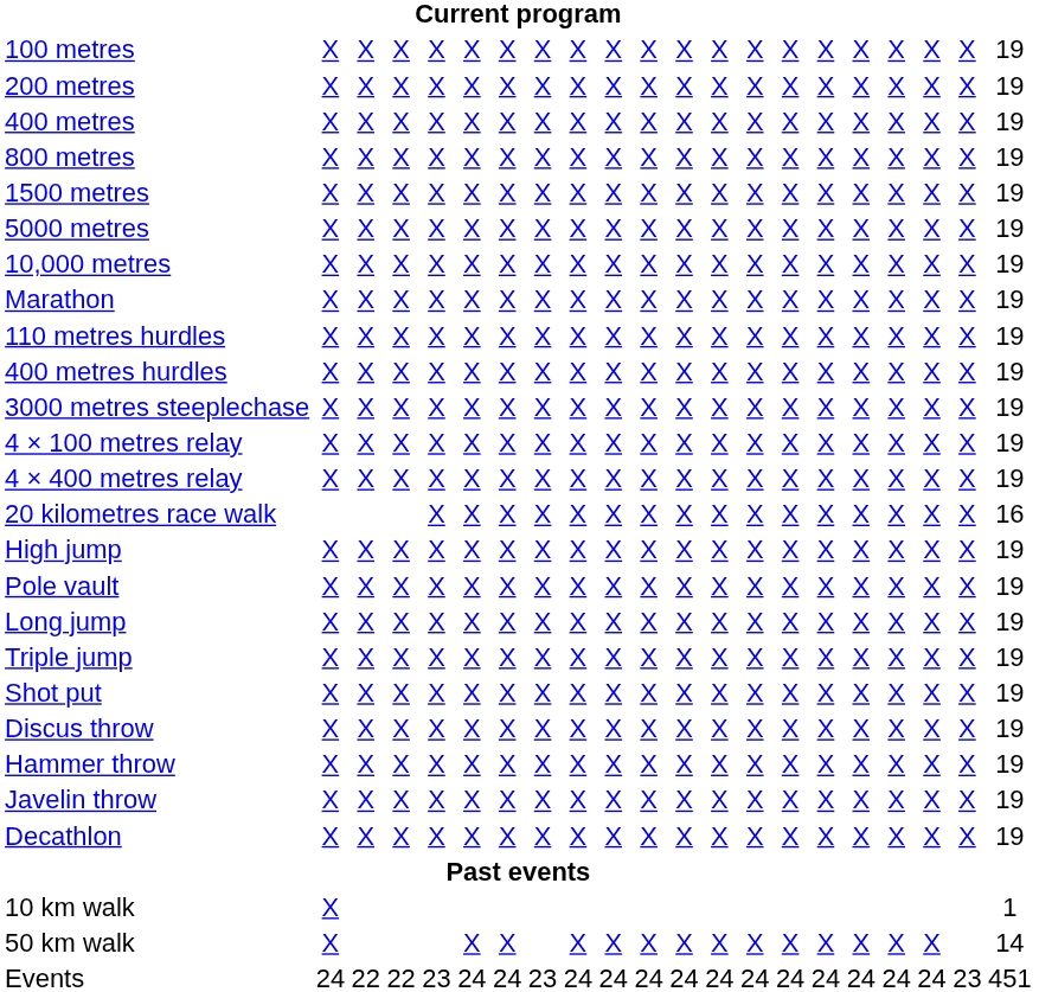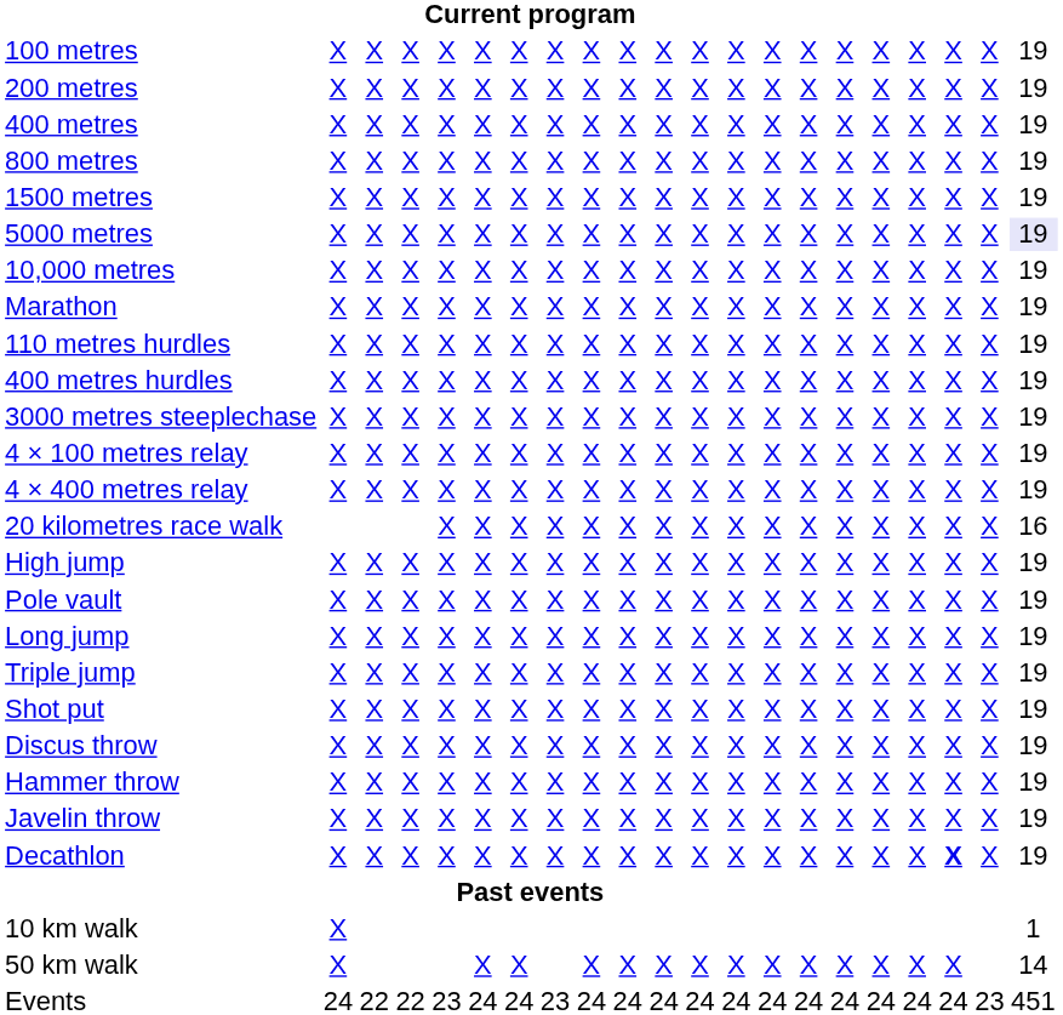 <table>
 <tr>
 <td align=center colspan=21><strong>Current program</strong></td>
 </tr>
 <tr align=center>
 <td align=left><a href='#'>100 metres</a></td>
 <td><a href='#'>X</a></td>
 <td><a href='#'>X</a></td>
 <td><a href='#'>X</a></td>
 <td><a href='#'>X</a></td>
 <td><a href='#'>X</a></td>
 <td><a href='#'>X</a></td>
 <td><a href='#'>X</a></td>
 <td><a href='#'>X</a></td>
 <td><a href='#'>X</a></td>
 <td><a href='#'>X</a></td>
 <td><a href='#'>X</a></td>
 <td><a href='#'>X</a></td>
 <td><a href='#'>X</a></td>
 <td><a href='#'>X</a></td>
 <td><a href='#'>X</a></td>
 <td><a href='#'>X</a></td>
 <td><a href='#'>X</a></td>
 <td><a href='#'>X</a></td>
 <td><a href='#'>X</a></td>
 <td>19</td>
 </tr>
 <tr align=center>
 <td align=left><a href='#'>200 metres</a></td>
 <td><a href='#'>X</a></td>
 <td><a href='#'>X</a></td>
 <td><a href='#'>X</a></td>
 <td><a href='#'>X</a></td>
 <td><a href='#'>X</a></td>
 <td><a href='#'>X</a></td>
 <td><a href='#'>X</a></td>
 <td><a href='#'>X</a></td>
 <td><a href='#'>X</a></td>
 <td><a href='#'>X</a></td>
 <td><a href='#'>X</a></td>
 <td><a href='#'>X</a></td>
 <td><a href='#'>X</a></td>
 <td><a href='#'>X</a></td>
 <td><a href='#'>X</a></td>
 <td><a href='#'>X</a></td>
 <td><a href='#'>X</a></td>
 <td><a href='#'>X</a></td>
 <td><a href='#'>X</a></td>
 <td>19</td>
 </tr>
 <tr align=center>
 <td align=left><a href='#'>400 metres</a></td>
 <td><a href='#'>X</a></td>
 <td><a href='#'>X</a></td>
 <td><a href='#'>X</a></td>
 <td><a href='#'>X</a></td>
 <td><a href='#'>X</a></td>
 <td><a href='#'>X</a></td>
 <td><a href='#'>X</a></td>
 <td><a href='#'>X</a></td>
 <td><a href='#'>X</a></td>
 <td><a href='#'>X</a></td>
 <td><a href='#'>X</a></td>
 <td><a href='#'>X</a></td>
 <td><a href='#'>X</a></td>
 <td><a href='#'>X</a></td>
 <td><a href='#'>X</a></td>
 <td><a href='#'>X</a></td>
 <td><a href='#'>X</a></td>
 <td><a href='#'>X</a></td>
 <td><a href='#'>X</a></td>
 <td>19</td>
 </tr>
 <tr align=center>
 <td align=left><a href='#'>800 metres</a></td>
 <td><a href='#'>X</a></td>
 <td><a href='#'>X</a></td>
 <td><a href='#'>X</a></td>
 <td><a href='#'>X</a></td>
 <td><a href='#'>X</a></td>
 <td><a href='#'>X</a></td>
 <td><a href='#'>X</a></td>
 <td><a href='#'>X</a></td>
 <td><a href='#'>X</a></td>
 <td><a href='#'>X</a></td>
 <td><a href='#'>X</a></td>
 <td><a href='#'>X</a></td>
 <td><a href='#'>X</a></td>
 <td><a href='#'>X</a></td>
 <td><a href='#'>X</a></td>
 <td><a href='#'>X</a></td>
 <td><a href='#'>X</a></td>
 <td><a href='#'>X</a></td>
 <td><a href='#'>X</a></td>
 <td>19</td>
 </tr>
 <tr align=center>
 <td align=left><a href='#'>1500 metres</a></td>
 <td><a href='#'>X</a></td>
 <td><a href='#'>X</a></td>
 <td><a href='#'>X</a></td>
 <td><a href='#'>X</a></td>
 <td><a href='#'>X</a></td>
 <td><a href='#'>X</a></td>
 <td><a href='#'>X</a></td>
 <td><a href='#'>X</a></td>
 <td><a href='#'>X</a></td>
 <td><a href='#'>X</a></td>
 <td><a href='#'>X</a></td>
 <td><a href='#'>X</a></td>
 <td><a href='#'>X</a></td>
 <td><a href='#'>X</a></td>
 <td><a href='#'>X</a></td>
 <td><a href='#'>X</a></td>
 <td><a href='#'>X</a></td>
 <td><a href='#'>X</a></td>
 <td><a href='#'>X</a></td>
 <td>19</td>
 </tr>
 <tr align=center>
 <td align=left><a href='#'>5000 metres</a></td>
 <td><a href='#'>X</a></td>
 <td><a href='#'>X</a></td>
 <td><a href='#'>X</a></td>
 <td><a href='#'>X</a></td>
 <td><a href='#'>X</a></td>
 <td><a href='#'>X</a></td>
 <td><a href='#'>X</a></td>
 <td><a href='#'>X</a></td>
 <td><a href='#'>X</a></td>
 <td><a href='#'>X</a></td>
 <td><a href='#'>X</a></td>
 <td><a href='#'>X</a></td>
 <td><a href='#'>X</a></td>
 <td><a href='#'>X</a></td>
 <td><a href='#'>X</a></td>
 <td><a href='#'>X</a></td>
 <td><a href='#'>X</a></td>
 <td><a href='#'>X</a></td>
 <td><a href='#'>X</a></td>
-<td>19</td>
+<td style="background: lavender;">19</td>
 </tr>
 <tr align=center>
 <td align=left><a href='#'>10,000 metres</a></td>
 <td><a href='#'>X</a></td>
 <td><a href='#'>X</a></td>
 <td><a href='#'>X</a></td>
 <td><a href='#'>X</a></td>
 <td><a href='#'>X</a></td>
 <td><a href='#'>X</a></td>
 <td><a href='#'>X</a></td>
 <td><a href='#'>X</a></td>
 <td><a href='#'>X</a></td>
 <td><a href='#'>X</a></td>
 <td><a href='#'>X</a></td>
 <td><a href='#'>X</a></td>
 <td><a href='#'>X</a></td>
 <td><a href='#'>X</a></td>
 <td><a href='#'>X</a></td>
 <td><a href='#'>X</a></td>
 <td><a href='#'>X</a></td>
 <td><a href='#'>X</a></td>
 <td><a href='#'>X</a></td>
 <td>19</td>
 </tr>
 <tr align=center>
 <td align=left><a href='#'>Marathon</a></td>
 <td><a href='#'>X</a></td>
 <td><a href='#'>X</a></td>
 <td><a href='#'>X</a></td>
 <td><a href='#'>X</a></td>
 <td><a href='#'>X</a></td>
 <td><a href='#'>X</a></td>
 <td><a href='#'>X</a></td>
 <td><a href='#'>X</a></td>
 <td><a href='#'>X</a></td>
 <td><a href='#'>X</a></td>
 <td><a href='#'>X</a></td>
 <td><a href='#'>X</a></td>
 <td><a href='#'>X</a></td>
 <td><a href='#'>X</a></td>
 <td><a href='#'>X</a></td>
 <td><a href='#'>X</a></td>
 <td><a href='#'>X</a></td>
 <td><a href='#'>X</a></td>
 <td><a href='#'>X</a></td>
 <td>19</td>
 </tr>
 <tr align=center>
 <td align=left><a href='#'>110 metres hurdles</a></td>
 <td><a href='#'>X</a></td>
 <td><a href='#'>X</a></td>
 <td><a href='#'>X</a></td>
 <td><a href='#'>X</a></td>
 <td><a href='#'>X</a></td>
 <td><a href='#'>X</a></td>
 <td><a href='#'>X</a></td>
 <td><a href='#'>X</a></td>
 <td><a href='#'>X</a></td>
 <td><a href='#'>X</a></td>
 <td><a href='#'>X</a></td>
 <td><a href='#'>X</a></td>
 <td><a href='#'>X</a></td>
 <td><a href='#'>X</a></td>
 <td><a href='#'>X</a></td>
 <td><a href='#'>X</a></td>
 <td><a href='#'>X</a></td>
 <td><a href='#'>X</a></td>
 <td><a href='#'>X</a></td>
 <td>19</td>
 </tr>
 <tr align=center>
 <td align=left><a href='#'>400 metres hurdles</a></td>
 <td><a href='#'>X</a></td>
 <td><a href='#'>X</a></td>
 <td><a href='#'>X</a></td>
 <td><a href='#'>X</a></td>
 <td><a href='#'>X</a></td>
 <td><a href='#'>X</a></td>
 <td><a href='#'>X</a></td>
 <td><a href='#'>X</a></td>
 <td><a href='#'>X</a></td>
 <td><a href='#'>X</a></td>
 <td><a href='#'>X</a></td>
 <td><a href='#'>X</a></td>
 <td><a href='#'>X</a></td>
 <td><a href='#'>X</a></td>
 <td><a href='#'>X</a></td>
 <td><a href='#'>X</a></td>
 <td><a href='#'>X</a></td>
 <td><a href='#'>X</a></td>
 <td><a href='#'>X</a></td>
 <td>19</td>
 </tr>
 <tr align=center>
 <td align=left><a href='#'>3000 metres steeplechase</a></td>
 <td><a href='#'>X</a></td>
 <td><a href='#'>X</a></td>
 <td><a href='#'>X</a></td>
 <td><a href='#'>X</a></td>
 <td><a href='#'>X</a></td>
 <td><a href='#'>X</a></td>
 <td><a href='#'>X</a></td>
 <td><a href='#'>X</a></td>
 <td><a href='#'>X</a></td>
 <td><a href='#'>X</a></td>
 <td><a href='#'>X</a></td>
 <td><a href='#'>X</a></td>
 <td><a href='#'>X</a></td>
 <td><a href='#'>X</a></td>
 <td><a href='#'>X</a></td>
 <td><a href='#'>X</a></td>
 <td><a href='#'>X</a></td>
 <td><a href='#'>X</a></td>
 <td><a href='#'>X</a></td>
 <td>19</td>
 </tr>
 <tr align=center>
 <td align=left><a href='#'>4 × 100 metres relay</a></td>
 <td><a href='#'>X</a></td>
 <td><a href='#'>X</a></td>
 <td><a href='#'>X</a></td>
 <td><a href='#'>X</a></td>
 <td><a href='#'>X</a></td>
 <td><a href='#'>X</a></td>
 <td><a href='#'>X</a></td>
 <td><a href='#'>X</a></td>
 <td><a href='#'>X</a></td>
 <td><a href='#'>X</a></td>
 <td><a href='#'>X</a></td>
 <td><a href='#'>X</a></td>
 <td><a href='#'>X</a></td>
 <td><a href='#'>X</a></td>
 <td><a href='#'>X</a></td>
 <td><a href='#'>X</a></td>
 <td><a href='#'>X</a></td>
 <td><a href='#'>X</a></td>
 <td><a href='#'>X</a></td>
 <td>19</td>
 </tr>
 <tr align=center>
 <td align=left><a href='#'>4 × 400 metres relay</a></td>
 <td><a href='#'>X</a></td>
 <td><a href='#'>X</a></td>
 <td><a href='#'>X</a></td>
 <td><a href='#'>X</a></td>
 <td><a href='#'>X</a></td>
 <td><a href='#'>X</a></td>
 <td><a href='#'>X</a></td>
 <td><a href='#'>X</a></td>
 <td><a href='#'>X</a></td>
 <td><a href='#'>X</a></td>
 <td><a href='#'>X</a></td>
 <td><a href='#'>X</a></td>
 <td><a href='#'>X</a></td>
 <td><a href='#'>X</a></td>
 <td><a href='#'>X</a></td>
 <td><a href='#'>X</a></td>
 <td><a href='#'>X</a></td>
 <td><a href='#'>X</a></td>
 <td><a href='#'>X</a></td>
 <td>19</td>
 </tr>
 <tr align=center>
 <td align=left><a href='#'>20 kilometres race walk</a></td>
 <td></td>
 <td></td>
 <td></td>
 <td><a href='#'>X</a></td>
 <td><a href='#'>X</a></td>
 <td><a href='#'>X</a></td>
 <td><a href='#'>X</a></td>
 <td><a href='#'>X</a></td>
 <td><a href='#'>X</a></td>
 <td><a href='#'>X</a></td>
 <td><a href='#'>X</a></td>
 <td><a href='#'>X</a></td>
 <td><a href='#'>X</a></td>
 <td><a href='#'>X</a></td>
 <td><a href='#'>X</a></td>
 <td><a href='#'>X</a></td>
 <td><a href='#'>X</a></td>
 <td><a href='#'>X</a></td>
 <td><a href='#'>X</a></td>
 <td>16</td>
 </tr>
 <tr align=center>
 <td align=left><a href='#'>High jump</a></td>
 <td><a href='#'>X</a></td>
 <td><a href='#'>X</a></td>
 <td><a href='#'>X</a></td>
 <td><a href='#'>X</a></td>
 <td><a href='#'>X</a></td>
 <td><a href='#'>X</a></td>
 <td><a href='#'>X</a></td>
 <td><a href='#'>X</a></td>
 <td><a href='#'>X</a></td>
 <td><a href='#'>X</a></td>
 <td><a href='#'>X</a></td>
 <td><a href='#'>X</a></td>
 <td><a href='#'>X</a></td>
 <td><a href='#'>X</a></td>
 <td><a href='#'>X</a></td>
 <td><a href='#'>X</a></td>
 <td><a href='#'>X</a></td>
 <td><a href='#'>X</a></td>
 <td><a href='#'>X</a></td>
 <td>19</td>
 </tr>
 <tr align=center>
 <td align=left><a href='#'>Pole vault</a></td>
 <td><a href='#'>X</a></td>
 <td><a href='#'>X</a></td>
 <td><a href='#'>X</a></td>
 <td><a href='#'>X</a></td>
 <td><a href='#'>X</a></td>
 <td><a href='#'>X</a></td>
 <td><a href='#'>X</a></td>
 <td><a href='#'>X</a></td>
 <td><a href='#'>X</a></td>
 <td><a href='#'>X</a></td>
 <td><a href='#'>X</a></td>
 <td><a href='#'>X</a></td>
 <td><a href='#'>X</a></td>
 <td><a href='#'>X</a></td>
 <td><a href='#'>X</a></td>
 <td><a href='#'>X</a></td>
 <td><a href='#'>X</a></td>
 <td><a href='#'>X</a></td>
 <td><a href='#'>X</a></td>
 <td>19</td>
 </tr>
 <tr align=center>
 <td align=left><a href='#'>Long jump</a></td>
 <td><a href='#'>X</a></td>
 <td><a href='#'>X</a></td>
 <td><a href='#'>X</a></td>
 <td><a href='#'>X</a></td>
 <td><a href='#'>X</a></td>
 <td><a href='#'>X</a></td>
 <td><a href='#'>X</a></td>
 <td><a href='#'>X</a></td>
 <td><a href='#'>X</a></td>
 <td><a href='#'>X</a></td>
 <td><a href='#'>X</a></td>
 <td><a href='#'>X</a></td>
 <td><a href='#'>X</a></td>
 <td><a href='#'>X</a></td>
 <td><a href='#'>X</a></td>
 <td><a href='#'>X</a></td>
 <td><a href='#'>X</a></td>
 <td><a href='#'>X</a></td>
 <td><a href='#'>X</a></td>
 <td>19</td>
 </tr>
 <tr align=center>
 <td align=left><a href='#'>Triple jump</a></td>
 <td><a href='#'>X</a></td>
 <td><a href='#'>X</a></td>
 <td><a href='#'>X</a></td>
 <td><a href='#'>X</a></td>
 <td><a href='#'>X</a></td>
 <td><a href='#'>X</a></td>
 <td><a href='#'>X</a></td>
 <td><a href='#'>X</a></td>
 <td><a href='#'>X</a></td>
 <td><a href='#'>X</a></td>
 <td><a href='#'>X</a></td>
 <td><a href='#'>X</a></td>
 <td><a href='#'>X</a></td>
 <td><a href='#'>X</a></td>
 <td><a href='#'>X</a></td>
 <td><a href='#'>X</a></td>
 <td><a href='#'>X</a></td>
 <td><a href='#'>X</a></td>
 <td><a href='#'>X</a></td>
 <td>19</td>
 </tr>
 <tr align=center>
 <td align=left><a href='#'>Shot put</a></td>
 <td><a href='#'>X</a></td>
 <td><a href='#'>X</a></td>
 <td><a href='#'>X</a></td>
 <td><a href='#'>X</a></td>
 <td><a href='#'>X</a></td>
 <td><a href='#'>X</a></td>
 <td><a href='#'>X</a></td>
 <td><a href='#'>X</a></td>
 <td><a href='#'>X</a></td>
 <td><a href='#'>X</a></td>
 <td><a href='#'>X</a></td>
 <td><a href='#'>X</a></td>
 <td><a href='#'>X</a></td>
 <td><a href='#'>X</a></td>
 <td><a href='#'>X</a></td>
 <td><a href='#'>X</a></td>
 <td><a href='#'>X</a></td>
 <td><a href='#'>X</a></td>
 <td><a href='#'>X</a></td>
 <td>19</td>
 </tr>
 <tr align=center>
 <td align=left><a href='#'>Discus throw</a></td>
 <td><a href='#'>X</a></td>
 <td><a href='#'>X</a></td>
 <td><a href='#'>X</a></td>
 <td><a href='#'>X</a></td>
 <td><a href='#'>X</a></td>
 <td><a href='#'>X</a></td>
 <td><a href='#'>X</a></td>
 <td><a href='#'>X</a></td>
 <td><a href='#'>X</a></td>
 <td><a href='#'>X</a></td>
 <td><a href='#'>X</a></td>
 <td><a href='#'>X</a></td>
 <td><a href='#'>X</a></td>
 <td><a href='#'>X</a></td>
 <td><a href='#'>X</a></td>
 <td><a href='#'>X</a></td>
 <td><a href='#'>X</a></td>
 <td><a href='#'>X</a></td>
 <td><a href='#'>X</a></td>
 <td>19</td>
 </tr>
 <tr align=center>
 <td align=left><a href='#'>Hammer throw</a></td>
 <td><a href='#'>X</a></td>
 <td><a href='#'>X</a></td>
 <td><a href='#'>X</a></td>
 <td><a href='#'>X</a></td>
 <td><a href='#'>X</a></td>
 <td><a href='#'>X</a></td>
 <td><a href='#'>X</a></td>
 <td><a href='#'>X</a></td>
 <td><a href='#'>X</a></td>
 <td><a href='#'>X</a></td>
 <td><a href='#'>X</a></td>
 <td><a href='#'>X</a></td>
 <td><a href='#'>X</a></td>
 <td><a href='#'>X</a></td>
 <td><a href='#'>X</a></td>
 <td><a href='#'>X</a></td>
 <td><a href='#'>X</a></td>
 <td><a href='#'>X</a></td>
 <td><a href='#'>X</a></td>
 <td>19</td>
 </tr>
 <tr align=center>
 <td align=left><a href='#'>Javelin throw</a></td>
 <td><a href='#'>X</a></td>
 <td><a href='#'>X</a></td>
 <td><a href='#'>X</a></td>
 <td><a href='#'>X</a></td>
 <td><a href='#'>X</a></td>
 <td><a href='#'>X</a></td>
 <td><a href='#'>X</a></td>
 <td><a href='#'>X</a></td>
 <td><a href='#'>X</a></td>
 <td><a href='#'>X</a></td>
 <td><a href='#'>X</a></td>
 <td><a href='#'>X</a></td>
 <td><a href='#'>X</a></td>
 <td><a href='#'>X</a></td>
 <td><a href='#'>X</a></td>
 <td><a href='#'>X</a></td>
 <td><a href='#'>X</a></td>
 <td><a href='#'>X</a></td>
 <td><a href='#'>X</a></td>
 <td>19</td>
 </tr>
 <tr align=center>
 <td align=left><a href='#'>Decathlon</a></td>
 <td><a href='#'>X</a></td>
 <td><a href='#'>X</a></td>
 <td><a href='#'>X</a></td>
 <td><a href='#'>X</a></td>
 <td><a href='#'>X</a></td>
 <td><a href='#'>X</a></td>
 <td><a href='#'>X</a></td>
 <td><a href='#'>X</a></td>
 <td><a href='#'>X</a></td>
 <td><a href='#'>X</a></td>
 <td><a href='#'>X</a></td>
 <td><a href='#'>X</a></td>
 <td><a href='#'>X</a></td>
 <td><a href='#'>X</a></td>
 <td><a href='#'>X</a></td>
 <td><a href='#'>X</a></td>
 <td><a href='#'>X</a></td>
-<td><a href='#'>X</a></td>
+<td><strong><a href='#'>X</a></strong></td>
 <td><a href='#'>X</a></td>
 <td>19</td>
 </tr>
 <tr align=center>
 <td align=center colspan=21><strong>Past events</strong></td>
 </tr>
 <tr align=center>
 <td align=left>10 km walk</td>
 <td><a href='#'>X</a></td>
 <td></td>
 <td></td>
 <td></td>
 <td></td>
 <td></td>
 <td></td>
 <td></td>
 <td></td>
 <td></td>
 <td></td>
 <td></td>
 <td></td>
 <td></td>
 <td></td>
 <td></td>
 <td></td>
 <td></td>
 <td></td>
 <td>1</td>
 </tr>
 <tr align=center>
 <td align=left>50 km walk</td>
 <td><a href='#'>X</a></td>
 <td></td>
 <td></td>
 <td></td>
 <td><a href='#'>X</a></td>
 <td><a href='#'>X</a></td>
 <td></td>
 <td><a href='#'>X</a></td>
 <td><a href='#'>X</a></td>
 <td><a href='#'>X</a></td>
 <td><a href='#'>X</a></td>
 <td><a href='#'>X</a></td>
 <td><a href='#'>X</a></td>
 <td><a href='#'>X</a></td>
 <td><a href='#'>X</a></td>
 <td><a href='#'>X</a></td>
 <td><a href='#'>X</a></td>
 <td><a href='#'>X</a></td>
 <td></td>
 <td>14</td>
 </tr>
 <tr align=center>
 <td align=left>Events</td>
 <td>24</td>
 <td>22</td>
 <td>22</td>
 <td>23</td>
 <td>24</td>
 <td>24</td>
 <td>23</td>
 <td>24</td>
 <td>24</td>
 <td>24</td>
 <td>24</td>
 <td>24</td>
 <td>24</td>
 <td>24</td>
 <td>24</td>
 <td>24</td>
 <td>24</td>
 <td>24</td>
 <td>23</td>
 <td>451</td>
 </tr>
 </table>
